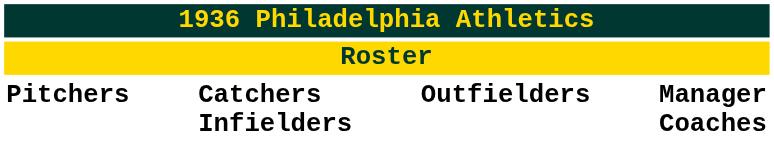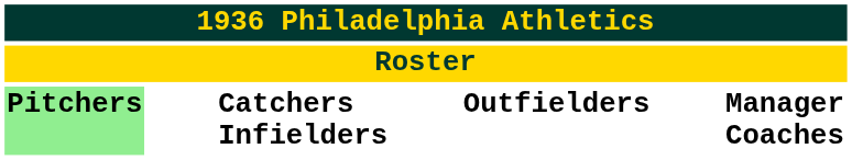 <table class="toccolours" style="font-size: 95%;">
 <tr>
 <th colspan="10" style="background-color: #003831; color: #FFD800; text-align: center;">1936 Philadelphia Athletics</th>
 </tr>
 <tr>
 <td colspan="10" style="background-color: #FFD800; color: #003831; text-align: center;"><strong>Roster</strong></td>
 </tr>
 <tr>
-<td valign="top"><strong>Pitchers</strong><br>                  </td>
+<td valign="top" style="background: lightgreen;"><strong>Pitchers</strong><br>                  </td>
 <td width="25px"></td>
 <td valign="top"><strong>Catchers</strong><br>    <strong>Infielders</strong>           </td>
 <td width="25px"></td>
 <td valign="top"><strong>Outfielders</strong><br>    </td>
 <td width="25px"></td>
 <td valign="top"><strong>Manager</strong><br> <strong>Coaches</strong>   </td>
 </tr>
 </table>
